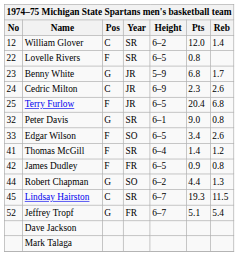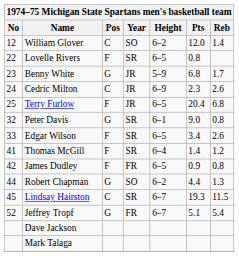 <table class="wikitable sortable" style="font-size: 90%" |->
 <tr>
 <th colspan=9 style=>1974–75 Michigan State Spartans men's basketball team</th>
 </tr>
 <tr>
 <th style="background:#">No</th>
 <th style="background:#">Name</th>
 <th style="background:#">Pos</th>
 <th style="background:#">Year</th>
 <th style="background:#">Height</th>
 <th style="background:#">Pts</th>
 <th style="background:#">Reb</th>
 </tr>
 <tr>
 <td>12</td>
 <td>William Glover</td>
 <td>C</td>
-<td>SR</td>
+<td>SO</td>
 <td>6–2</td>
 <td>12.0</td>
 <td>1.4</td>
 </tr>
 <tr>
 <td>22</td>
 <td>Lovelle Rivers</td>
 <td>F</td>
 <td>SR</td>
 <td>6–5</td>
 <td>0.8</td>
 <td></td>
 </tr>
 <tr>
 <td>23</td>
 <td>Benny White</td>
 <td>G</td>
 <td>JR</td>
 <td>5–9</td>
 <td>6.8</td>
 <td>1.7</td>
 </tr>
 <tr>
 <td>24</td>
 <td>Cedric Milton</td>
 <td>C</td>
 <td>JR</td>
 <td>6–9</td>
 <td>2.3</td>
 <td>2.6</td>
 </tr>
 <tr>
 <td>25</td>
 <td><a href='#'>Terry Furlow</a></td>
 <td>F</td>
 <td>JR</td>
 <td>6–5</td>
 <td>20.4</td>
 <td>6.8</td>
 </tr>
 <tr>
 <td>32</td>
 <td>Peter Davis</td>
 <td>G</td>
 <td>SR</td>
 <td>6–1</td>
 <td>9.0</td>
 <td>0.8</td>
 </tr>
 <tr>
 <td>33</td>
 <td>Edgar Wilson</td>
 <td>F</td>
-<td>SO</td>
+<td>SR</td>
 <td>6–5</td>
 <td>3.4</td>
 <td>2.6</td>
 </tr>
 <tr>
 <td>41</td>
 <td>Thomas McGill</td>
 <td>F</td>
 <td>SR</td>
 <td>6–4</td>
 <td>1.4</td>
 <td>1.2</td>
 </tr>
 <tr>
 <td>42</td>
 <td>James Dudley</td>
 <td>F</td>
 <td>FR</td>
 <td>6–5</td>
 <td>0.9</td>
 <td>0.8</td>
 </tr>
 <tr>
 <td>44</td>
 <td>Robert Chapman</td>
 <td>G</td>
 <td>SO</td>
 <td>6–2</td>
 <td>4.4</td>
 <td>1.3</td>
 </tr>
 <tr>
 <td>45</td>
 <td><a href='#'>Lindsay Hairston</a></td>
 <td>C</td>
 <td>SR</td>
 <td>6–7</td>
 <td>19.3</td>
 <td>11.5</td>
 </tr>
 <tr>
 <td>52</td>
 <td>Jeffrey Tropf</td>
 <td>G</td>
 <td>FR</td>
 <td>6–7</td>
 <td>5.1</td>
 <td>5.4</td>
 </tr>
 <tr>
 <td></td>
 <td>Dave Jackson</td>
 <td></td>
 <td></td>
 <td></td>
 <td></td>
 <td></td>
 </tr>
 <tr>
 <td></td>
 <td>Mark Talaga</td>
 <td></td>
 <td></td>
 <td></td>
 <td></td>
 <td></td>
 </tr>
 <tr>
 </tr>
 </table>
